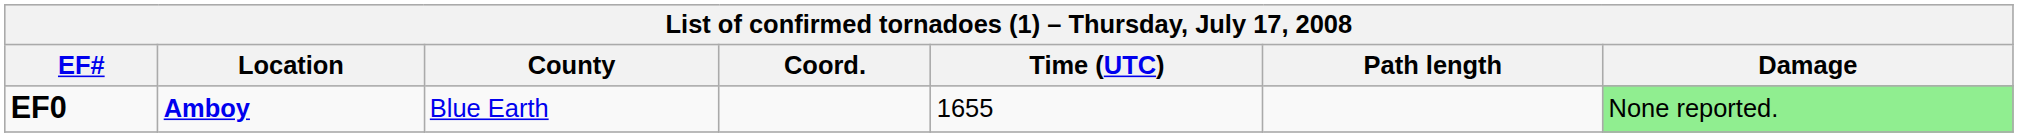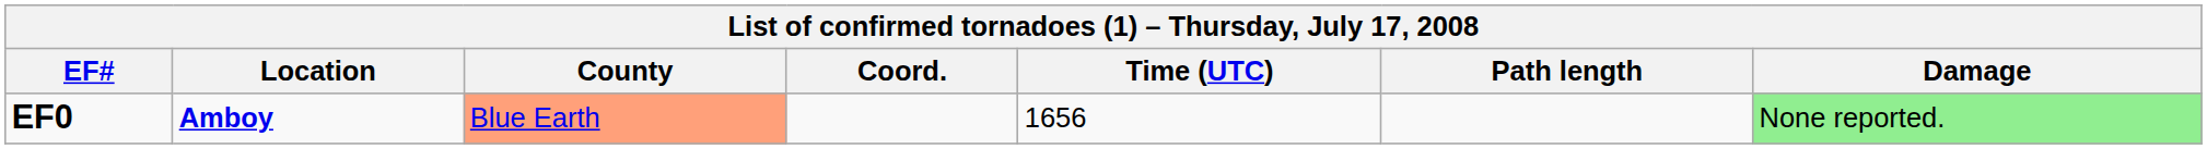 <table class="wikitable collapsible" width="100%">
 <tr>
 <th colspan="7">List of confirmed tornadoes (1) – Thursday, July 17, 2008</th>
 </tr>
 <tr>
 <th><a href='#'>EF#</a></th>
 <th>Location</th>
 <th>County</th>
 <th>Coord.</th>
 <th>Time (<a href='#'>UTC</a>)</th>
 <th>Path length</th>
 <th>Damage</th>
 </tr>
 <tr>
 <td><big><strong>EF0</strong></big></td>
 <td><strong><a href='#'>Amboy</a></strong></td>
-<td><a href='#'>Blue Earth</a></td>
+<td style="background: lightsalmon;"><a href='#'>Blue Earth</a></td>
 <td></td>
-<td>1655</td>
+<td>1656</td>
 <td></td>
 <td style="background: lightgreen;">None reported.</td>
 </tr>
 </table>
